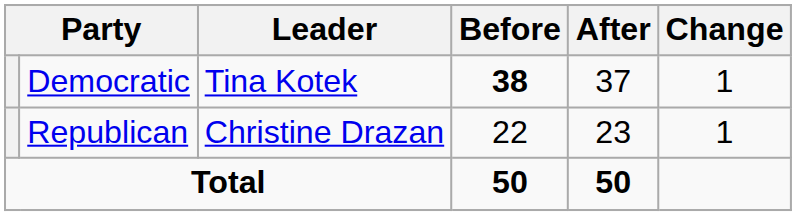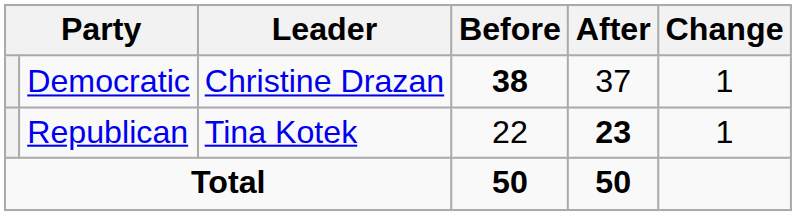 <table class="wikitable" style="text-align:center;">
 <tr>
 </tr>
 <tr>
 <th colspan=2>Party</th>
 <th>Leader</th>
 <th>Before</th>
 <th>After</th>
 <th>Change</th>
 </tr>
 <tr>
 <th style="background-color:"></th>
 <td style="text-align:left;"><a href='#'>Democratic</a></td>
-<td style="text-align:left;"><a href='#'>Tina Kotek</a></td>
+<td style="text-align:left;"><a href='#'>Christine Drazan</a></td>
 <td><strong>38</strong></td>
 <td>37</td>
 <td> 1</td>
 </tr>
 <tr>
 <th style="background-color:"></th>
 <td style="text-align:left;"><a href='#'>Republican</a></td>
-<td style="text-align:left;"><a href='#'>Christine Drazan</a></td>
+<td style="text-align:left;"><a href='#'>Tina Kotek</a></td>
 <td>22</td>
-<td>23</td>
+<td><strong>23</strong></td>
 <td> 1</td>
 </tr>
 <tr>
 <td colspan=3><strong>Total</strong></td>
 <td><strong>50</strong></td>
 <td><strong>50</strong></td>
 <td></td>
 </tr>
 </table>
